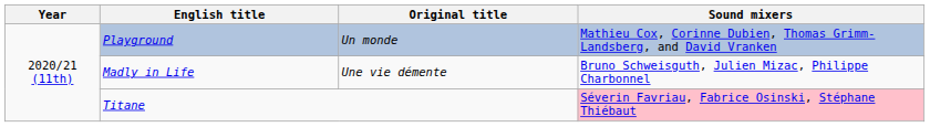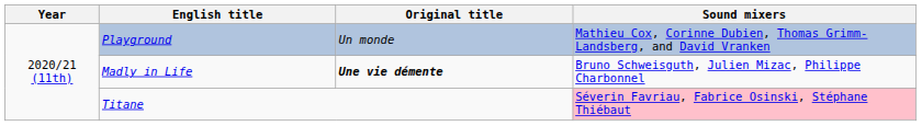 <table class="wikitable">
 <tr>
 <th width="100"><strong>Year</strong></th>
 <th width="260"><strong>English title</strong></th>
 <th width="260"><strong>Original title</strong></th>
 <th width="380"><strong>Sound mixers</strong></th>
 </tr>
 <tr>
 <td rowspan="3" style="text-align:center;">2020/21<br><a href='#'>(11th)</a></td>
 <td style="background:#B0C4DE;"><em><a href='#'>Playground</a></em></td>
 <td style="background:#B0C4DE;"><em>Un monde</em></td>
 <td style="background:#B0C4DE;"><a href='#'>Mathieu Cox</a>, <a href='#'>Corinne Dubien</a>, <a href='#'>Thomas Grimm-Landsberg</a>, and <a href='#'>David Vranken</a></td>
 </tr>
 <tr>
 <td><em><a href='#'>Madly in Life</a></em></td>
-<td><em>Une vie démente</em></td>
+<td><strong><em>Une vie démente</em></strong></td>
 <td><a href='#'>Bruno Schweisguth</a>, <a href='#'>Julien Mizac</a>, <a href='#'>Philippe Charbonnel</a></td>
 </tr>
 <tr>
 <td colspan="2"><em><a href='#'>Titane</a></em></td>
 <td style="background: pink;"><a href='#'>Séverin Favriau</a>, <a href='#'>Fabrice Osinski</a>, <a href='#'>Stéphane Thiébaut</a></td>
 </tr>
 </table>
